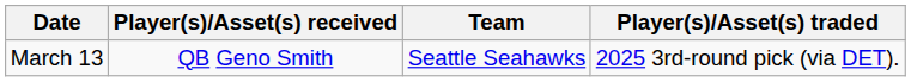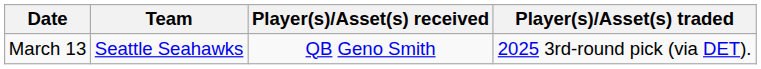 <table class="wikitable" style="text-align:center">
 <tr>
 <th>Date</th>
+<th>Team</th>
 <th>Player(s)/Asset(s) received</th>
-<th>Team</th>
 <th>Player(s)/Asset(s) traded</th>
 </tr>
 <tr>
 <td>March 13</td>
+<td><a href='#'>Seattle Seahawks</a></td>
 <td><a href='#'>QB</a> <a href='#'>Geno Smith</a></td>
-<td><a href='#'>Seattle Seahawks</a></td>
 <td><a href='#'>2025</a> 3rd-round pick (via <a href='#'>DET</a>).</td>
 </tr>
 </table>
